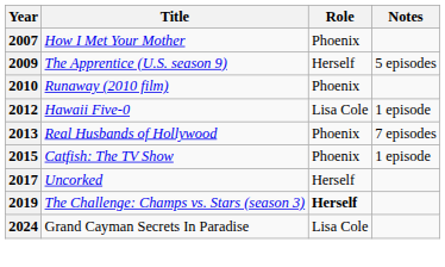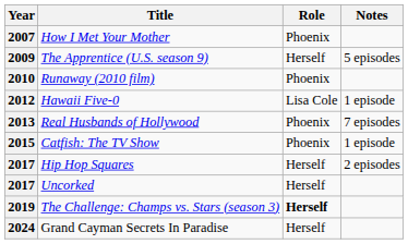 <table class="wikitable plainrowheaders sortable">
 <tr>
 <th scope="col">Year</th>
 <th scope="col">Title</th>
 <th scope="col">Role</th>
 <th scope="col" class="unsortable">Notes</th>
 </tr>
 <tr>
 <th scope="row">2007</th>
 <td><em><a href='#'>How I Met Your Mother</a></em></td>
 <td>Phoenix</td>
 <td></td>
 </tr>
 <tr>
 <th scope="row">2009</th>
 <td><em><a href='#'>The Apprentice (U.S. season 9)</a></em></td>
 <td>Herself</td>
 <td>5 episodes</td>
 </tr>
 <tr>
 <th scope="row">2010</th>
 <td><em><a href='#'>Runaway (2010 film)</a></em></td>
 <td>Phoenix</td>
 <td></td>
 </tr>
 <tr>
 <th scope="row">2012</th>
 <td><em><a href='#'>Hawaii Five-0</a></em></td>
 <td>Lisa Cole</td>
 <td>1 episode</td>
 </tr>
 <tr>
 <th scope="row">2013</th>
 <td><em><a href='#'>Real Husbands of Hollywood</a></em></td>
 <td>Phoenix</td>
 <td>7 episodes</td>
 </tr>
 <tr>
 <th scope="row">2015</th>
 <td><em><a href='#'>Catfish: The TV Show </a></em></td>
 <td>Phoenix</td>
 <td>1 episode</td>
 </tr>
 <tr>
 <th scope="row">2017</th>
+<td><em><a href='#'>Hip Hop Squares</a></em></td>
+<td>Herself</td>
+<td>2 episodes</td>
+</tr>
+<tr>
+<th scope="row">2017</th>
 <td><em><a href='#'>Uncorked</a></em></td>
 <td>Herself</td>
 <td></td>
 </tr>
 <tr>
 <th scope="row">2019</th>
 <td><em><a href='#'>The Challenge: Champs vs. Stars (season 3)</a></em></td>
 <td><strong>Herself</strong></td>
 <td></td>
 </tr>
 <tr>
 <th scope="row">2024</th>
 <td>Grand Cayman Secrets In Paradise</td>
-<td>Lisa Cole</td>
+<td>Herself</td>
 <td></td>
 </tr>
 </table>
